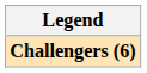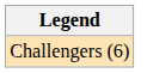 <table class=wikitable>
 <tr>
 <th>Legend</th>
 </tr>
 <tr bgcolor=moccasin>
-<td><strong>Challengers (6)</strong></td>
+<td>Challengers (6)</td>
 </tr>
 </table>
